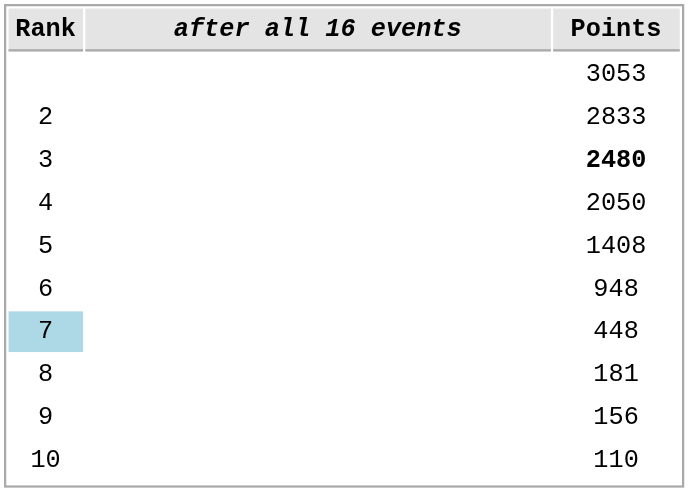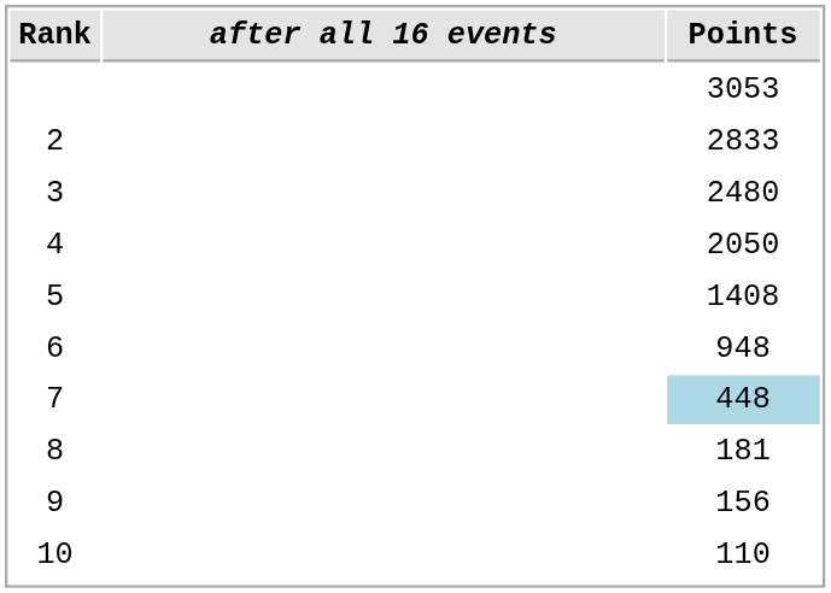 <table cellspacing="1" cellpadding="3" style="border:1px solid #AAAAAA;font-size:86%">
 <tr style="background-color: #E4E4E4;">
 <th style="border-bottom:1px solid #AAAAAA; width: 10px;">Rank</th>
 <th style="border-bottom:1px solid #AAAAAA; width: 200px;"><em>after all 16 events</em></th>
 <th style="border-bottom:1px solid #AAAAAA; width: 50px;">Points</th>
 </tr>
 <tr>
 <td align=center></td>
 <td><strong></strong></td>
 <td align=center>3053</td>
 </tr>
 <tr>
 <td align=center>2</td>
 <td></td>
 <td align=center>2833</td>
 </tr>
 <tr>
 <td align=center>3</td>
 <td></td>
-<td align=center><strong>2480</strong></td>
+<td align=center>2480</td>
 </tr>
 <tr>
 <td align=center>4</td>
 <td></td>
 <td align=center>2050</td>
 </tr>
 <tr>
 <td align=center>5</td>
 <td></td>
 <td align=center>1408</td>
 </tr>
 <tr>
 <td align=center>6</td>
 <td></td>
 <td align=center>948</td>
 </tr>
 <tr>
-<td align=center style="background: lightblue;">7</td>
+<td align=center>7</td>
 <td></td>
-<td align=center>448</td>
+<td align=center style="background: lightblue;">448</td>
 </tr>
 <tr>
 <td align=center>8</td>
 <td></td>
 <td align=center>181</td>
 </tr>
 <tr>
 <td align=center>9</td>
 <td></td>
 <td align=center>156</td>
 </tr>
 <tr>
 <td align=center>10</td>
 <td></td>
 <td align=center>110</td>
 </tr>
 <tr>
 </tr>
 </table>
